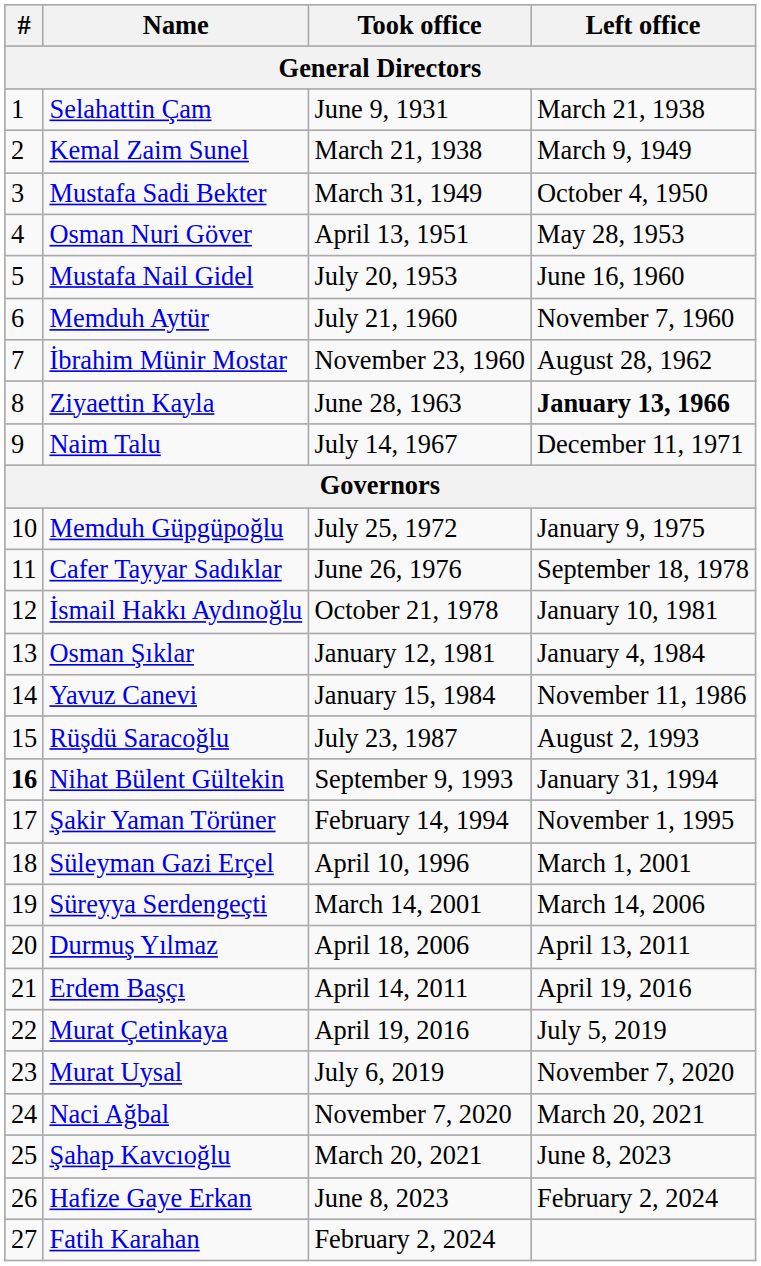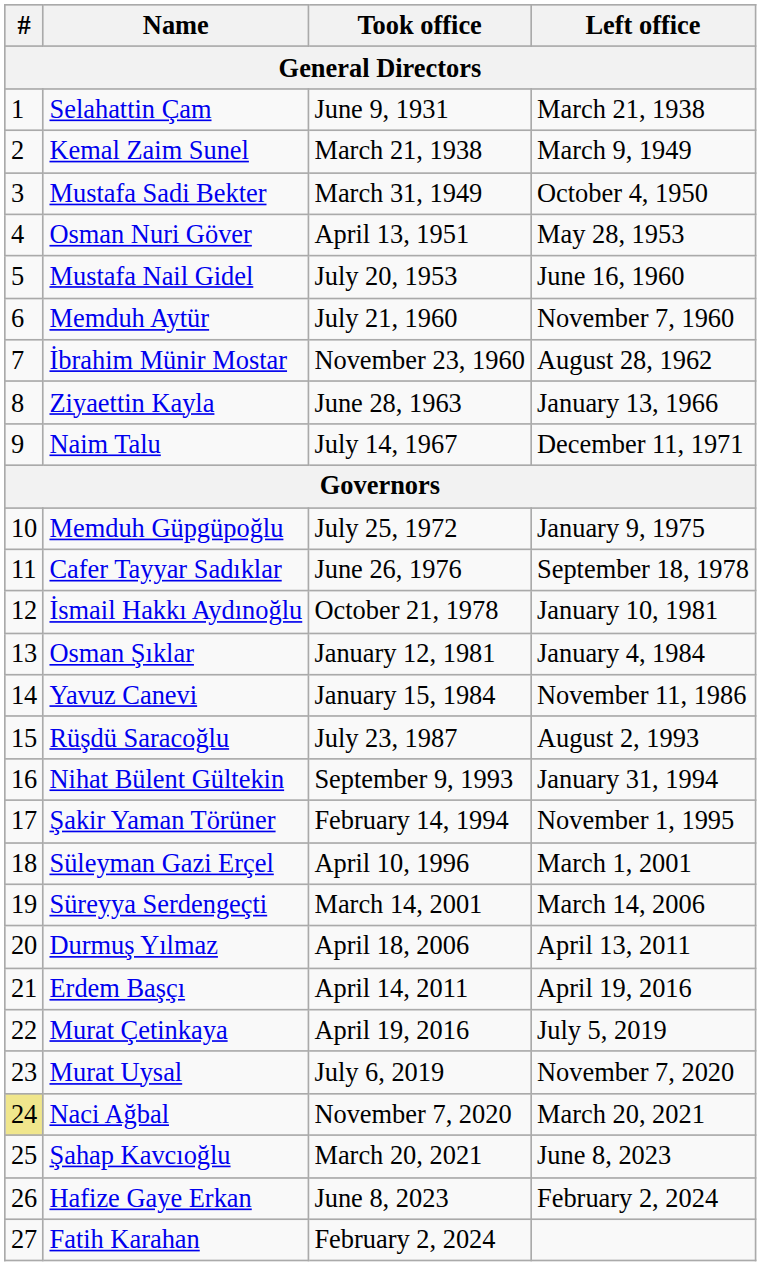 <table class=wikitable>
 <tr>
 <th>#</th>
 <th>Name</th>
 <th>Took office</th>
 <th>Left office</th>
 </tr>
 <tr>
 <th colspan=4>General Directors</th>
 </tr>
 <tr>
 <td>1</td>
 <td><a href='#'>Selahattin Çam</a></td>
 <td>June 9, 1931</td>
 <td>March 21, 1938</td>
 </tr>
 <tr>
 <td>2</td>
 <td><a href='#'>Kemal Zaim Sunel</a></td>
 <td>March 21, 1938</td>
 <td>March 9, 1949</td>
 </tr>
 <tr>
 <td>3</td>
 <td><a href='#'>Mustafa Sadi Bekter</a></td>
 <td>March 31, 1949</td>
 <td>October 4, 1950</td>
 </tr>
 <tr>
 <td>4</td>
 <td><a href='#'>Osman Nuri Göver</a></td>
 <td>April 13, 1951</td>
 <td>May 28, 1953</td>
 </tr>
 <tr>
 <td>5</td>
 <td><a href='#'>Mustafa Nail Gidel</a></td>
 <td>July 20, 1953</td>
 <td>June 16, 1960</td>
 </tr>
 <tr>
 <td>6</td>
 <td><a href='#'>Memduh Aytür</a></td>
 <td>July 21, 1960</td>
 <td>November 7, 1960</td>
 </tr>
 <tr>
 <td>7</td>
 <td><a href='#'>İbrahim Münir Mostar</a></td>
 <td>November 23, 1960</td>
 <td>August 28, 1962</td>
 </tr>
 <tr>
 <td>8</td>
 <td><a href='#'>Ziyaettin Kayla</a></td>
 <td>June 28, 1963</td>
-<td><strong>January 13, 1966</strong></td>
+<td>January 13, 1966</td>
 </tr>
 <tr>
 <td>9</td>
 <td><a href='#'>Naim Talu</a></td>
 <td>July 14, 1967</td>
 <td>December 11, 1971</td>
 </tr>
 <tr>
 <th colspan=4>Governors</th>
 </tr>
 <tr>
 <td>10</td>
 <td><a href='#'>Memduh Güpgüpoğlu</a></td>
 <td>July 25, 1972</td>
 <td>January 9, 1975</td>
 </tr>
 <tr>
 <td>11</td>
 <td><a href='#'>Cafer Tayyar Sadıklar</a></td>
 <td>June 26, 1976</td>
 <td>September 18, 1978</td>
 </tr>
 <tr>
 <td>12</td>
 <td><a href='#'>İsmail Hakkı Aydınoğlu</a></td>
 <td>October 21, 1978</td>
 <td>January 10, 1981</td>
 </tr>
 <tr>
 <td>13</td>
 <td><a href='#'>Osman Şıklar</a></td>
 <td>January 12, 1981</td>
 <td>January 4, 1984</td>
 </tr>
 <tr>
 <td>14</td>
 <td><a href='#'>Yavuz Canevi</a></td>
 <td>January 15, 1984</td>
 <td>November 11, 1986</td>
 </tr>
 <tr>
 <td>15</td>
 <td><a href='#'>Rüşdü Saracoğlu</a></td>
 <td>July 23, 1987</td>
 <td>August 2, 1993</td>
 </tr>
 <tr>
-<td><strong>16</strong></td>
+<td>16</td>
 <td><a href='#'>Nihat Bülent Gültekin</a></td>
 <td>September 9, 1993</td>
 <td>January 31, 1994</td>
 </tr>
 <tr>
 <td>17</td>
 <td><a href='#'>Şakir Yaman Törüner</a></td>
 <td>February 14, 1994</td>
 <td>November 1, 1995</td>
 </tr>
 <tr>
 <td>18</td>
 <td><a href='#'>Süleyman Gazi Erçel</a></td>
 <td>April 10, 1996</td>
 <td>March 1, 2001</td>
 </tr>
 <tr>
 <td>19</td>
 <td><a href='#'>Süreyya Serdengeçti</a></td>
 <td>March 14, 2001</td>
 <td>March 14, 2006</td>
 </tr>
 <tr>
 <td>20</td>
 <td><a href='#'>Durmuş Yılmaz</a></td>
 <td>April 18, 2006</td>
 <td>April 13, 2011</td>
 </tr>
 <tr>
 <td>21</td>
 <td><a href='#'>Erdem Başçı</a></td>
 <td>April 14, 2011</td>
 <td>April 19, 2016</td>
 </tr>
 <tr>
 <td>22</td>
 <td><a href='#'>Murat Çetinkaya</a></td>
 <td>April 19, 2016</td>
 <td>July 5, 2019</td>
 </tr>
 <tr>
 <td>23</td>
 <td><a href='#'>Murat Uysal</a></td>
 <td>July 6, 2019</td>
 <td>November 7, 2020</td>
 </tr>
 <tr>
-<td>24</td>
+<td style="background: khaki;">24</td>
 <td><a href='#'>Naci Ağbal</a></td>
 <td>November 7, 2020</td>
 <td>March 20, 2021</td>
 </tr>
 <tr>
 <td>25</td>
 <td><a href='#'>Şahap Kavcıoğlu</a></td>
 <td>March 20, 2021</td>
 <td>June 8, 2023</td>
 </tr>
 <tr>
 <td>26</td>
 <td><a href='#'>Hafize Gaye Erkan</a></td>
 <td>June 8, 2023</td>
 <td>February 2, 2024</td>
 </tr>
 <tr>
 <td>27</td>
 <td><a href='#'>Fatih Karahan</a></td>
 <td>February 2, 2024</td>
 <td></td>
 </tr>
 </table>
